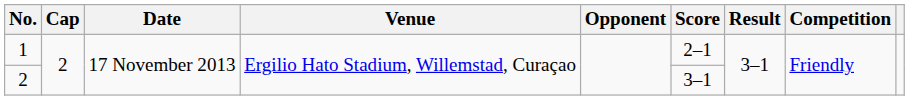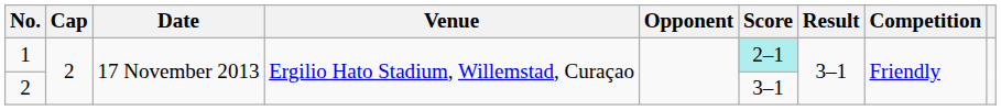 <table class="wikitable sortable">
 <tr>
 <th scope="col">No.</th>
 <th scope="col">Cap</th>
 <th scope="col">Date</th>
 <th scope="col">Venue</th>
 <th scope="col">Opponent</th>
 <th scope="col">Score</th>
 <th scope="col">Result</th>
 <th scope=col>Competition</th>
 <th scope="col" class="unsortable"></th>
 </tr>
 <tr>
 <td align="center">1</td>
 <td rowspan="2" align="center">2</td>
 <td rowspan="2">17 November 2013</td>
 <td rowspan="2"><a href='#'>Ergilio Hato Stadium</a>, <a href='#'>Willemstad</a>, Curaçao</td>
 <td rowspan="2"></td>
-<td align="center">2–1</td>
+<td align="center" style="background: paleturquoise;">2–1</td>
 <td rowspan="2" align="center">3–1</td>
 <td rowspan="2"><a href='#'>Friendly</a></td>
 <td rowspan="2" align="center"></td>
 </tr>
 <tr>
 <td align="center">2</td>
 <td align="center">3–1</td>
 </tr>
 </table>
